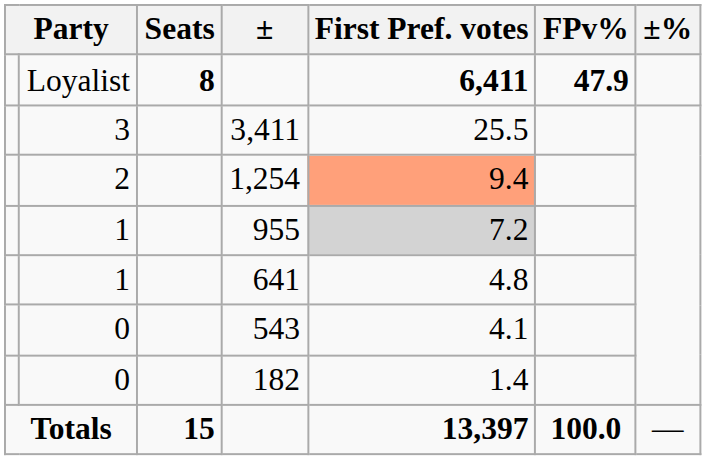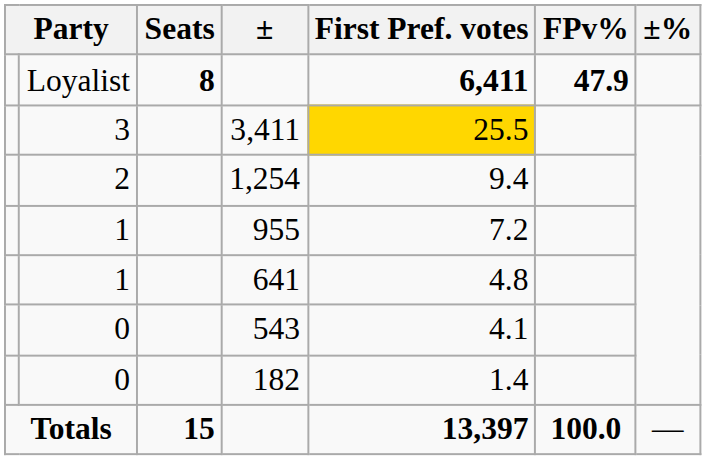 <table class=wikitable>
 <tr>
 <th colspan=2 align=center>Party</th>
 <th valign=top>Seats</th>
 <th valign=top>±</th>
 <th valign=top>First Pref. votes</th>
 <th valign=top>FPv%</th>
 <th valign=top>±%</th>
 </tr>
 <tr>
 <td></td>
 <td>Loyalist</td>
 <td align=right><strong>8</strong></td>
 <td align=right></td>
 <td align=right><strong>6,411</strong></td>
 <td align=right><strong>47.9</strong></td>
 <td align=right></td>
 </tr>
 <tr>
 <td></td>
 <td align=right>3</td>
 <td align=right></td>
 <td align=right>3,411</td>
-<td align=right>25.5</td>
+<td align=right style="background: gold;">25.5</td>
 <td align=right></td>
 </tr>
 <tr>
 <td></td>
 <td align=right>2</td>
 <td align=right></td>
 <td align=right>1,254</td>
-<td align=right style="background: lightsalmon;">9.4</td>
+<td align=right>9.4</td>
 <td align=right></td>
 </tr>
 <tr>
 <td></td>
 <td align=right>1</td>
 <td align=right></td>
 <td align=right>955</td>
-<td align=right style="background: lightgrey;">7.2</td>
+<td align=right>7.2</td>
 <td align=right></td>
 </tr>
 <tr>
 <td></td>
 <td align=right>1</td>
 <td align=right></td>
 <td align=right>641</td>
 <td align=right>4.8</td>
 <td align=right></td>
 </tr>
 <tr>
 <td></td>
 <td align=right>0</td>
 <td align=right></td>
 <td align=right>543</td>
 <td align=right>4.1</td>
 <td align=right></td>
 </tr>
 <tr>
 <td></td>
 <td align=right>0</td>
 <td align=right></td>
 <td align=right>182</td>
 <td align=right>1.4</td>
 <td align=right></td>
 </tr>
 <tr>
 <td colspan=2 align=center><strong>Totals</strong></td>
 <td align=right><strong>15</strong></td>
 <td align=center></td>
 <td align=right><strong>13,397</strong></td>
 <td align=center><strong>100.0</strong></td>
 <td align=center>—</td>
 </tr>
 </table>
